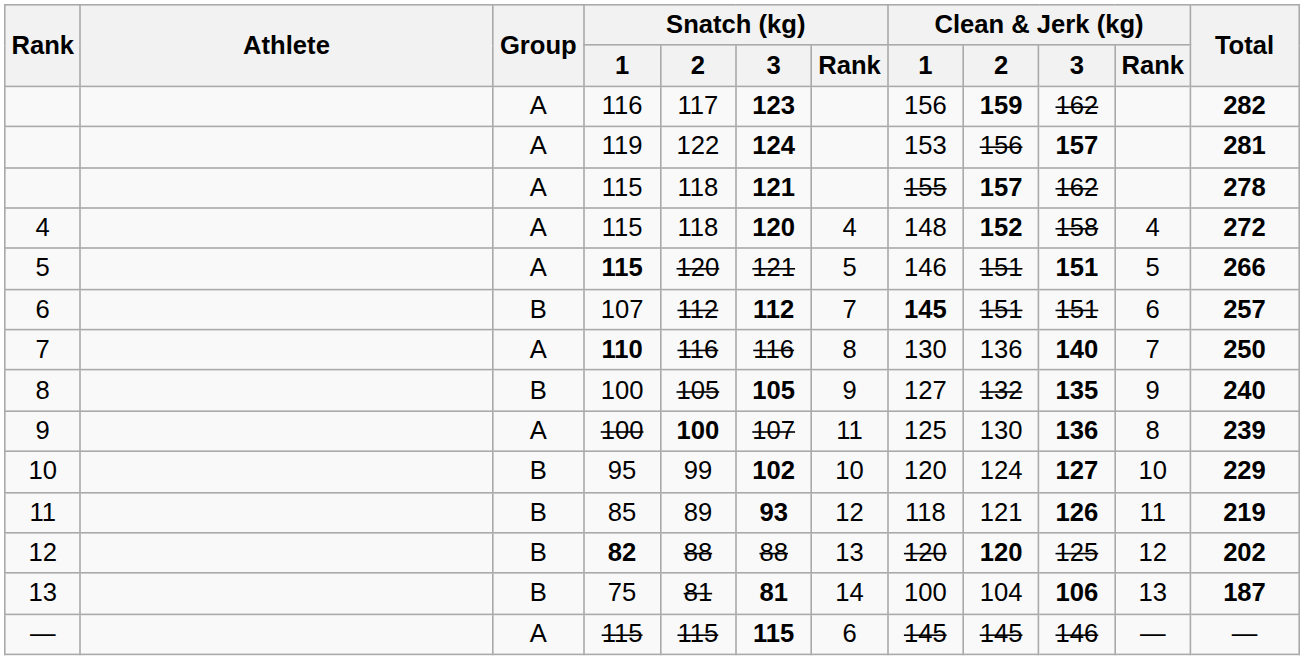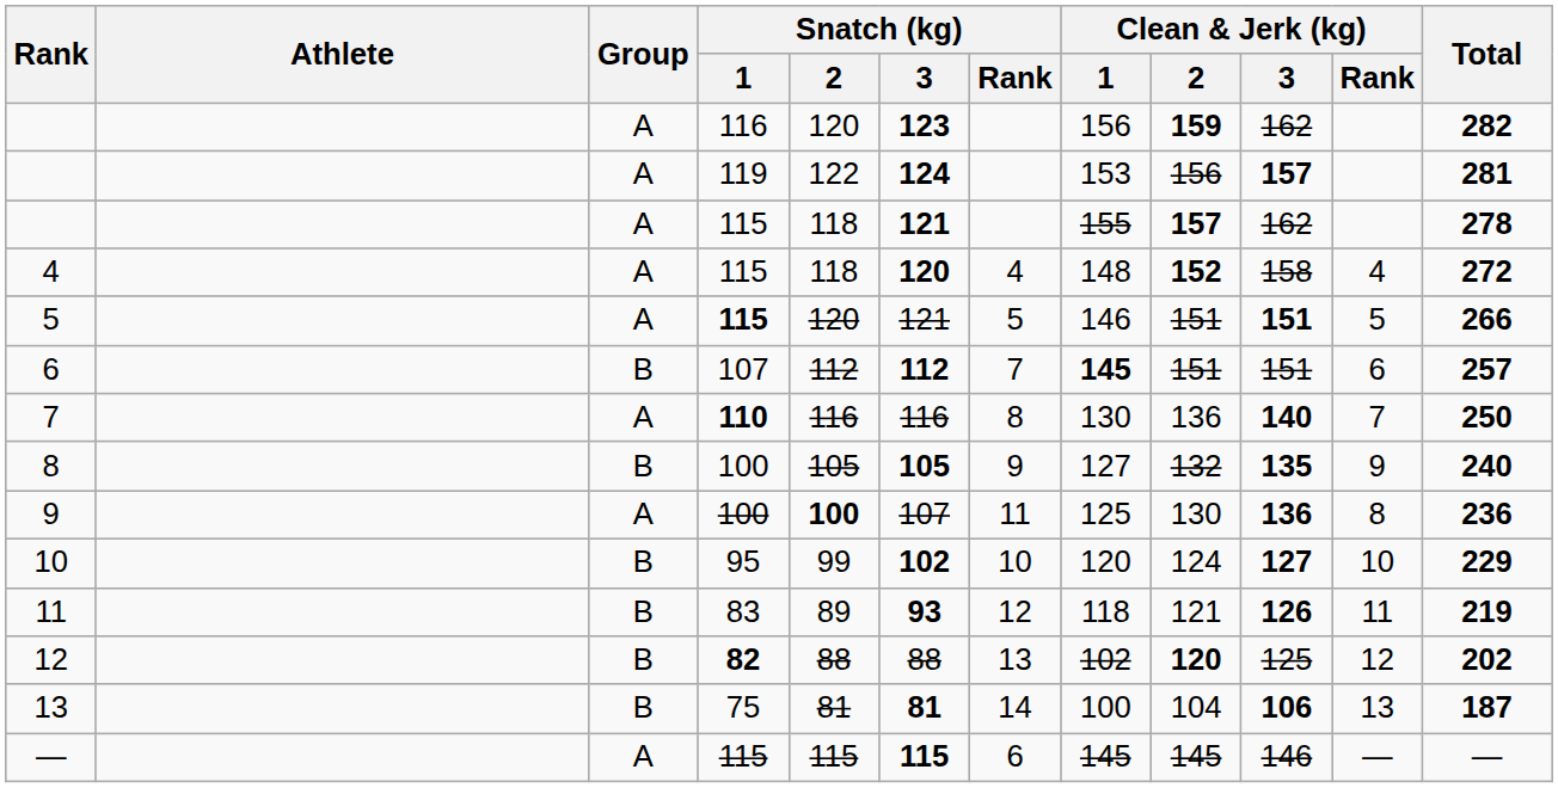 <table class = "wikitable" style="text-align:center;">
 <tr>
 <th rowspan=2 width=40>Rank</th>
 <th rowspan=2 width=250>Athlete</th>
 <th rowspan=2 width=50>Group</th>
 <th colspan=4>Snatch (kg)</th>
 <th colspan=4>Clean & Jerk (kg)</th>
 <th rowspan=2 width=60>Total</th>
 </tr>
 <tr>
 <th width=40>1</th>
 <th width=40>2</th>
 <th width=40>3</th>
 <th width=40>Rank</th>
 <th width=40>1</th>
 <th width=40>2</th>
 <th width=40>3</th>
 <th width=40>Rank</th>
 </tr>
 <tr>
 <td></td>
 <td align=left></td>
 <td>A</td>
 <td>116</td>
-<td>117</td>
+<td>120</td>
 <td><strong>123</strong></td>
 <td></td>
 <td>156</td>
 <td><strong>159</strong></td>
 <td><s>162</s></td>
 <td></td>
 <td><strong>282</strong></td>
 </tr>
 <tr>
 <td></td>
 <td align=left></td>
 <td>A</td>
 <td>119</td>
 <td>122</td>
 <td><strong>124</strong></td>
 <td></td>
 <td>153</td>
 <td><s>156</s></td>
 <td><strong>157</strong></td>
 <td></td>
 <td><strong>281</strong></td>
 </tr>
 <tr>
 <td></td>
 <td align=left></td>
 <td>A</td>
 <td>115</td>
 <td>118</td>
 <td><strong>121</strong></td>
 <td></td>
 <td><s>155</s></td>
 <td><strong>157</strong></td>
 <td><s>162</s></td>
 <td></td>
 <td><strong>278</strong></td>
 </tr>
 <tr>
 <td>4</td>
 <td align=left></td>
 <td>A</td>
 <td>115</td>
 <td>118</td>
 <td><strong>120</strong></td>
 <td>4</td>
 <td>148</td>
 <td><strong>152</strong></td>
 <td><s>158</s></td>
 <td>4</td>
 <td><strong>272</strong></td>
 </tr>
 <tr>
 <td>5</td>
 <td align=left></td>
 <td>A</td>
 <td><strong>115</strong></td>
 <td><s>120</s></td>
 <td><s>121</s></td>
 <td>5</td>
 <td>146</td>
 <td><s>151</s></td>
 <td><strong>151</strong></td>
 <td>5</td>
 <td><strong>266</strong></td>
 </tr>
 <tr>
 <td>6</td>
 <td align=left></td>
 <td>B</td>
 <td>107</td>
 <td><s>112</s></td>
 <td><strong>112</strong></td>
 <td>7</td>
 <td><strong>145</strong></td>
 <td><s>151</s></td>
 <td><s>151</s></td>
 <td>6</td>
 <td><strong>257</strong></td>
 </tr>
 <tr>
 <td>7</td>
 <td align=left></td>
 <td>A</td>
 <td><strong>110</strong></td>
 <td><s>116</s></td>
 <td><s>116</s></td>
 <td>8</td>
 <td>130</td>
 <td>136</td>
 <td><strong>140</strong></td>
 <td>7</td>
 <td><strong>250</strong></td>
 </tr>
 <tr>
 <td>8</td>
 <td align=left></td>
 <td>B</td>
 <td>100</td>
 <td><s>105</s></td>
 <td><strong>105</strong></td>
 <td>9</td>
 <td>127</td>
 <td><s>132</s></td>
 <td><strong>135</strong></td>
 <td>9</td>
 <td><strong>240</strong></td>
 </tr>
 <tr>
 <td>9</td>
 <td align=left></td>
 <td>A</td>
 <td><s>100</s></td>
 <td><strong>100</strong></td>
 <td><s>107</s></td>
 <td>11</td>
 <td>125</td>
 <td>130</td>
 <td><strong>136</strong></td>
 <td>8</td>
-<td><strong>239</strong></td>
+<td><strong>236</strong></td>
 </tr>
 <tr>
 <td>10</td>
 <td align=left></td>
 <td>B</td>
 <td>95</td>
 <td>99</td>
 <td><strong>102</strong></td>
 <td>10</td>
 <td>120</td>
 <td>124</td>
 <td><strong>127</strong></td>
 <td>10</td>
 <td><strong>229</strong></td>
 </tr>
 <tr>
 <td>11</td>
 <td align=left></td>
 <td>B</td>
-<td>85</td>
+<td>83</td>
 <td>89</td>
 <td><strong>93</strong></td>
 <td>12</td>
 <td>118</td>
 <td>121</td>
 <td><strong>126</strong></td>
 <td>11</td>
 <td><strong>219</strong></td>
 </tr>
 <tr>
 <td>12</td>
 <td align=left></td>
 <td>B</td>
 <td><strong>82</strong></td>
 <td><s>88</s></td>
 <td><s>88</s></td>
 <td>13</td>
-<td><s>120</s></td>
+<td><s>102</s></td>
 <td><strong>120</strong></td>
 <td><s>125</s></td>
 <td>12</td>
 <td><strong>202</strong></td>
 </tr>
 <tr>
 <td>13</td>
 <td align=left></td>
 <td>B</td>
 <td>75</td>
 <td><s>81</s></td>
 <td><strong>81</strong></td>
 <td>14</td>
 <td>100</td>
 <td>104</td>
 <td><strong>106</strong></td>
 <td>13</td>
 <td><strong>187</strong></td>
 </tr>
 <tr>
 <td>—</td>
 <td align=left></td>
 <td>A</td>
 <td><s>115</s></td>
 <td><s>115</s></td>
 <td><strong>115</strong></td>
 <td>6</td>
 <td><s>145</s></td>
 <td><s>145</s></td>
 <td><s>146</s></td>
 <td>—</td>
 <td>—</td>
 </tr>
 </table>
